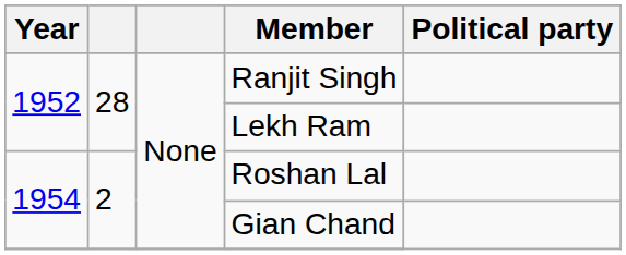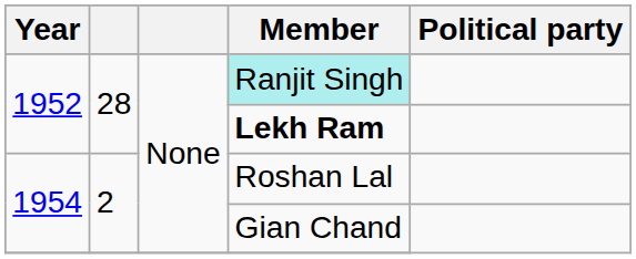 <table class="wikitable sortable">
 <tr>
 <th>Year</th>
 <th></th>
 <th></th>
 <th>Member</th>
 <th colspan="2">Political party</th>
 </tr>
 <tr>
 <td rowspan="2"><a href='#'>1952</a></td>
 <td rowspan="2">28</td>
 <td rowspan="4">None</td>
-<td>Ranjit Singh</td>
+<td style="background: paleturquoise;">Ranjit Singh</td>
 <td></td>
 </tr>
 <tr>
-<td>Lekh Ram</td>
+<td><strong>Lekh Ram</strong></td>
 </tr>
 <tr>
 <td rowspan="2"><a href='#'>1954</a></td>
 <td rowspan="2">2</td>
 <td>Roshan Lal</td>
 <td></td>
 </tr>
 <tr>
 <td>Gian Chand</td>
 </tr>
 <tr>
 </tr>
 </table>
